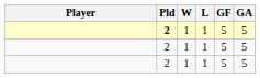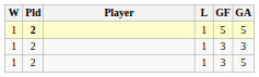 <table class=wikitable style="text-align:center">
 <tr>
+<th width=20>W</th>
+<th width=20>Pld</th>
 <th width=220>Player</th>
-<th width=20>Pld</th>
-<th width=20>W</th>
 <th width=20>L</th>
 <th width=20>GF</th>
 <th width=20>GA</th>
 </tr>
 <tr bgcolor=#ffffcc>
+<td>1</td>
+<td><strong>2</strong></td>
 <td align=left></td>
-<td><strong>2</strong></td>
-<td>1</td>
 <td>1</td>
 <td>5</td>
 <td>5</td>
 </tr>
 <tr>
+<td>1</td>
+<td>2</td>
 <td align=left></td>
-<td>2</td>
 <td>1</td>
-<td>1</td>
-<td>5</td>
-<td>5</td>
+<td>3</td>
+<td>3</td>
 </tr>
 <tr>
+<td>1</td>
+<td>2</td>
 <td align=left></td>
-<td>2</td>
 <td>1</td>
-<td>1</td>
-<td>5</td>
+<td>3</td>
 <td>5</td>
 </tr>
 </table>
